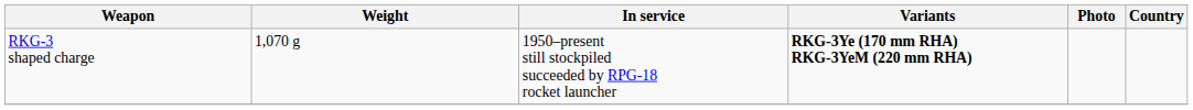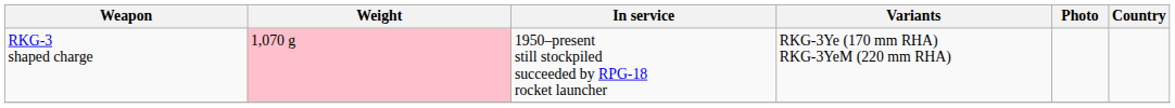 <table class="wikitable">
 <tr>
 <th style="width:22%;", align=left>Weapon</th>
 <th style="width:24%;", align=left>Weight</th>
 <th style="width:24%;", align=left>In service</th>
 <th style="width:25%;", align=left>Variants</th>
 <th style="width:29%;">Photo</th>
 <th style="width:16%;", align=left>Country</th>
 </tr>
 <tr>
 <td align=left, valign=top><a href='#'>RKG-3</a><br>shaped charge</td>
-<td align=left, valign=top>1,070 g</td>
+<td align=left, valign=top style="background: pink;">1,070 g</td>
 <td align=left, valign=top>1950–present<br>still stockpiled<br>succeeded by <a href='#'>RPG-18</a><br>rocket launcher</td>
-<td align=left, valign=top><strong>RKG-3Ye (170 mm RHA)<br>RKG-3YeM (220 mm RHA)</strong></td>
+<td align=left, valign=top>RKG-3Ye (170 mm RHA)<br>RKG-3YeM (220 mm RHA)</td>
 <td align=center></td>
 <td></td>
 </tr>
 <tr>
 </tr>
 </table>
